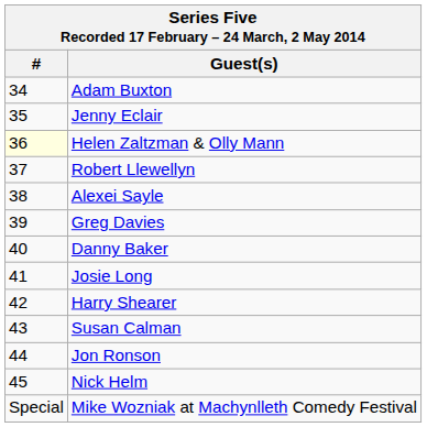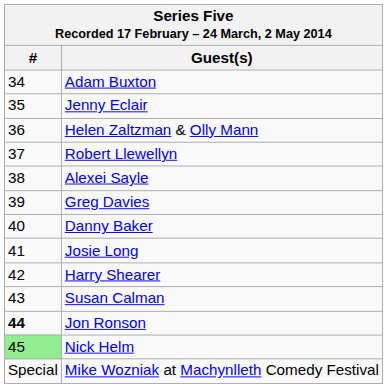 <table class="wikitable">
 <tr>
 <th colspan="3">Series Five<br><small>Recorded 17 February – 24 March, 2 May 2014</small></th>
 </tr>
 <tr>
 <th>#</th>
 <th>Guest(s)</th>
 </tr>
 <tr>
 <td>34</td>
 <td><a href='#'>Adam Buxton</a></td>
 </tr>
 <tr>
 <td>35</td>
 <td><a href='#'>Jenny Eclair</a></td>
 </tr>
 <tr>
-<td style="background: lightyellow;">36</td>
+<td>36</td>
 <td><a href='#'>Helen Zaltzman</a> & <a href='#'>Olly Mann</a></td>
 </tr>
 <tr>
 <td>37</td>
 <td><a href='#'>Robert Llewellyn</a></td>
 </tr>
 <tr>
 <td>38</td>
 <td><a href='#'>Alexei Sayle</a></td>
 </tr>
 <tr>
 <td>39</td>
 <td><a href='#'>Greg Davies</a></td>
 </tr>
 <tr>
 <td>40</td>
 <td><a href='#'>Danny Baker</a></td>
 </tr>
 <tr>
 <td>41</td>
 <td><a href='#'>Josie Long</a></td>
 </tr>
 <tr>
 <td>42</td>
 <td><a href='#'>Harry Shearer</a></td>
 </tr>
 <tr>
 <td>43</td>
 <td><a href='#'>Susan Calman</a></td>
 </tr>
 <tr>
-<td>44</td>
+<td><strong>44</strong></td>
 <td><a href='#'>Jon Ronson</a></td>
 </tr>
 <tr>
-<td>45</td>
+<td style="background: lightgreen;">45</td>
 <td><a href='#'>Nick Helm</a></td>
 </tr>
 <tr>
 <td>Special</td>
 <td><a href='#'>Mike Wozniak</a> at <a href='#'>Machynlleth</a> Comedy Festival</td>
 </tr>
 </table>
